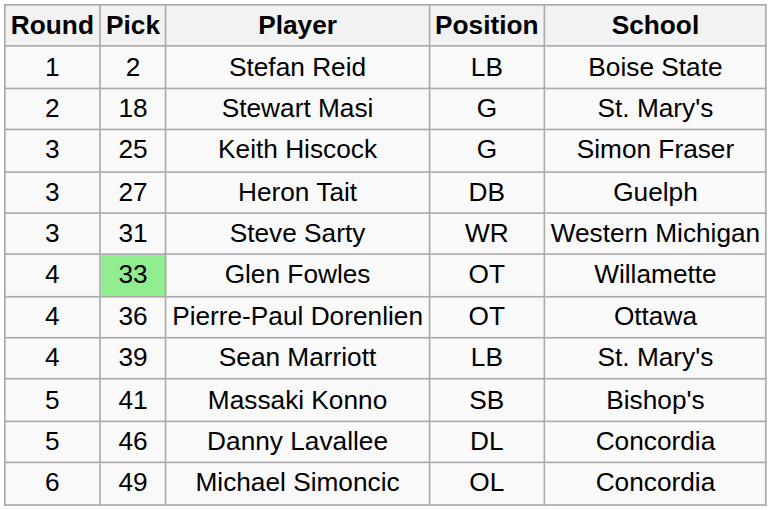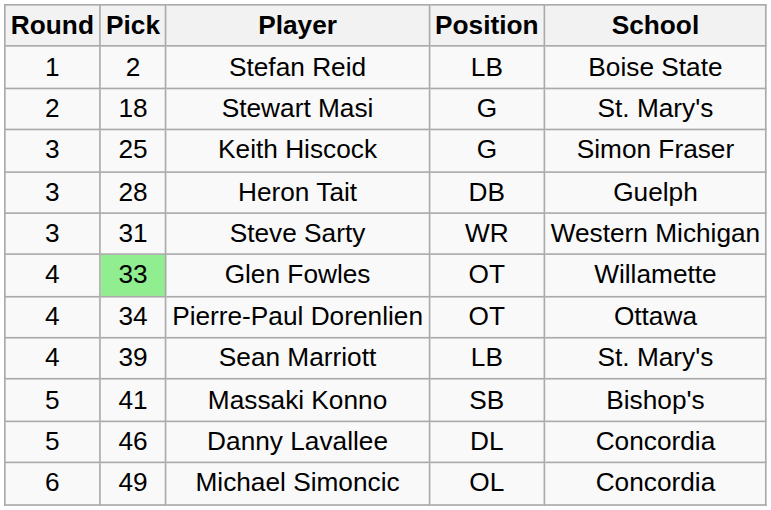 <table class="wikitable">
 <tr>
 <th scope="col">Round</th>
 <th scope="col">Pick</th>
 <th scope="col">Player</th>
 <th scope="col">Position</th>
 <th scope="col">School</th>
 </tr>
 <tr align="center">
 <td align=center>1</td>
 <td>2</td>
 <td>Stefan Reid</td>
 <td>LB</td>
 <td>Boise State</td>
 </tr>
 <tr align="center">
 <td align=center>2</td>
 <td>18</td>
 <td>Stewart Masi</td>
 <td>G</td>
 <td>St. Mary's</td>
 </tr>
 <tr align="center">
 <td align=center>3</td>
 <td>25</td>
 <td>Keith Hiscock</td>
 <td>G</td>
 <td>Simon Fraser</td>
 </tr>
 <tr align="center">
 <td align=center>3</td>
-<td>27</td>
+<td>28</td>
 <td>Heron Tait</td>
 <td>DB</td>
 <td>Guelph</td>
 </tr>
 <tr align="center">
 <td align=center>3</td>
 <td>31</td>
 <td>Steve Sarty</td>
 <td>WR</td>
 <td>Western Michigan</td>
 </tr>
 <tr align="center">
 <td align=center>4</td>
 <td style="background: lightgreen;">33</td>
 <td>Glen Fowles</td>
 <td>OT</td>
 <td>Willamette</td>
 </tr>
 <tr align="center">
 <td align=center>4</td>
-<td>36</td>
+<td>34</td>
 <td>Pierre-Paul Dorenlien</td>
 <td>OT</td>
 <td>Ottawa</td>
 </tr>
 <tr align="center">
 <td align=center>4</td>
 <td>39</td>
 <td>Sean Marriott</td>
 <td>LB</td>
 <td>St. Mary's</td>
 </tr>
 <tr align="center">
 <td align=center>5</td>
 <td>41</td>
 <td>Massaki Konno</td>
 <td>SB</td>
 <td>Bishop's</td>
 </tr>
 <tr align="center">
 <td align=center>5</td>
 <td>46</td>
 <td>Danny Lavallee</td>
 <td>DL</td>
 <td>Concordia</td>
 </tr>
 <tr align="center">
 <td align=center>6</td>
 <td>49</td>
 <td>Michael Simoncic</td>
 <td>OL</td>
 <td>Concordia</td>
 </tr>
 </table>
